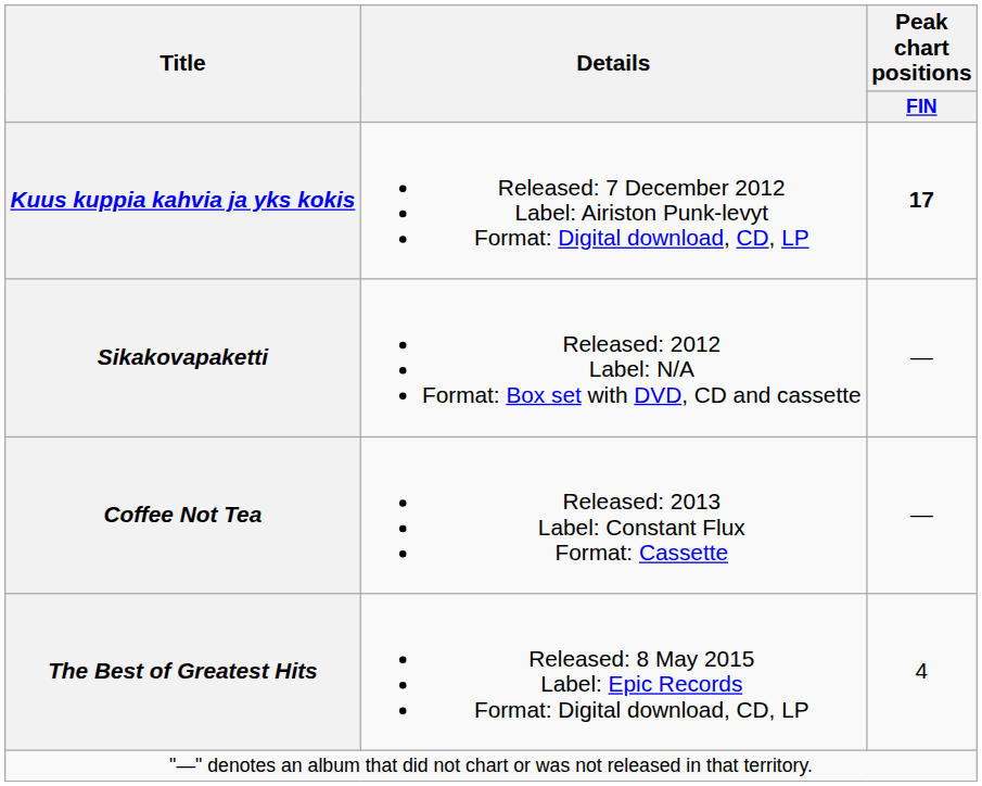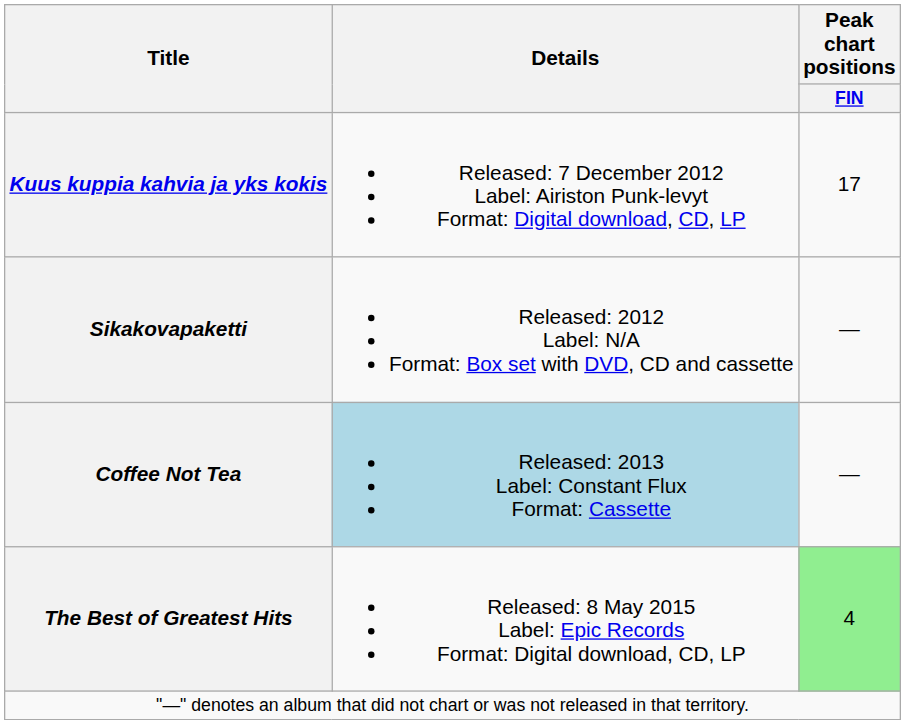 <table class="wikitable plainrowheaders" style="text-align:center;">
 <tr>
 <th scope="col" rowspan="2">Title</th>
 <th scope="col" rowspan="2">Details</th>
 <th scope="col">Peak chart positions</th>
 </tr>
 <tr>
 <th scope="col" style="width:3em;font-size:85%;"><a href='#'>FIN</a><br></th>
 </tr>
 <tr>
 <th scope="row"><em><a href='#'>Kuus kuppia kahvia ja yks kokis</a></em></th>
 <td><br><ul><li>Released: 7 December 2012</li><li>Label: Airiston Punk-levyt</li><li>Format: <a href='#'>Digital download</a>, <a href='#'>CD</a>, <a href='#'>LP</a></li></ul></td>
-<td><strong>17</strong></td>
+<td>17</td>
 </tr>
 <tr>
 <th scope="row"><em>Sikakovapaketti</em></th>
 <td><br><ul><li>Released: 2012</li><li>Label: N/A</li><li>Format: <a href='#'>Box set</a> with <a href='#'>DVD</a>, CD and cassette</li></ul></td>
 <td>—</td>
 </tr>
 <tr>
 <th scope="row"><em>Coffee Not Tea</em></th>
-<td><br><ul><li>Released: 2013</li><li>Label: Constant Flux</li><li>Format: <a href='#'>Cassette</a></li></ul></td>
+<td style="background: lightblue;"><br><ul><li>Released: 2013</li><li>Label: Constant Flux</li><li>Format: <a href='#'>Cassette</a></li></ul></td>
 <td>—</td>
 </tr>
 <tr>
 <th scope="row"><em>The Best of Greatest Hits</em></th>
 <td><br><ul><li>Released: 8 May 2015</li><li>Label: <a href='#'>Epic Records</a></li><li>Format: Digital download, CD, LP</li></ul></td>
-<td>4</td>
+<td style="background: lightgreen;">4</td>
 </tr>
 <tr>
 <td colspan="20" style="font-size:85%">"—" denotes an album that did not chart or was not released in that territory.</td>
 </tr>
 </table>
